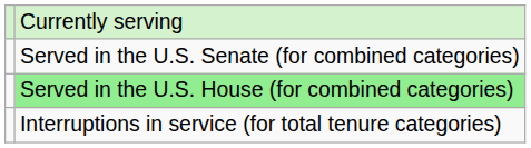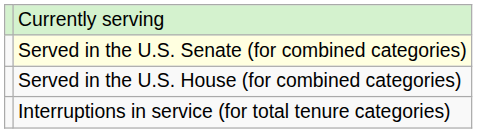 <table class="wikitable">
 <tr style="background:#D4F2CE;">
 <td></td>
 <td>Currently serving</td>
 </tr>
 <tr>
 <td></td>
-<td>Served in the U.S. Senate (for combined categories)</td>
+<td style="background: lightyellow;">Served in the U.S. Senate (for combined categories)</td>
 </tr>
 <tr>
 <td></td>
-<td style="background: lightgreen;">Served in the U.S. House (for combined categories)</td>
+<td>Served in the U.S. House (for combined categories)</td>
 </tr>
 <tr>
 <td></td>
 <td>Interruptions in service (for total tenure categories)</td>
 </tr>
 </table>
